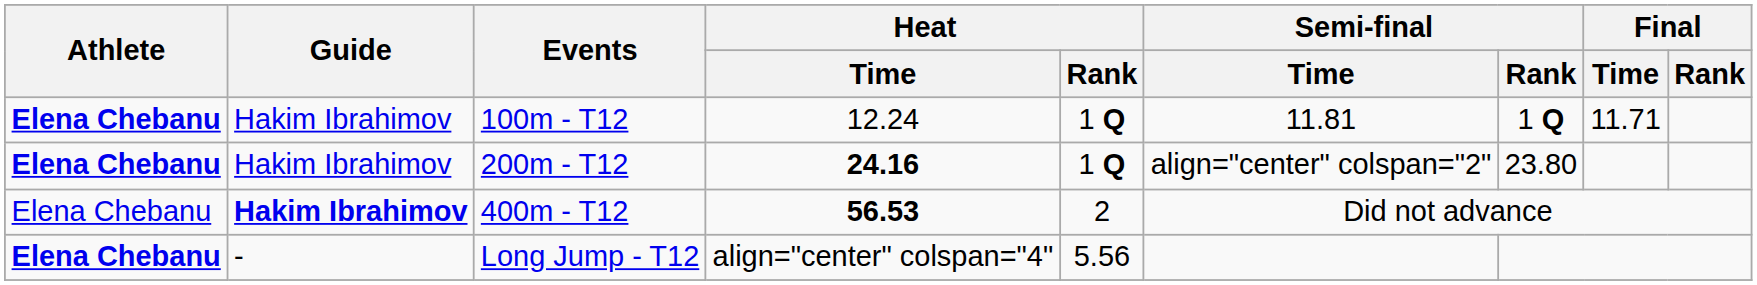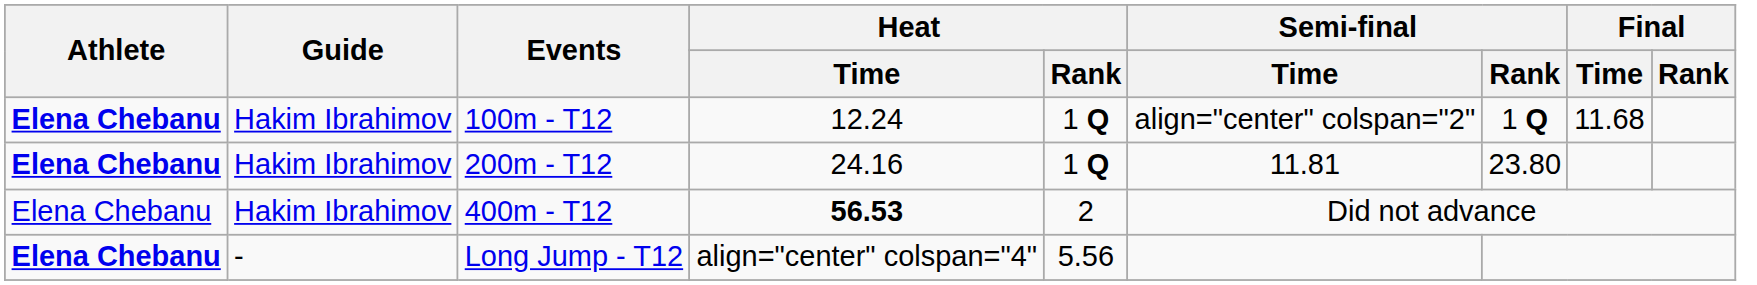 <table class=wikitable>
 <tr>
 <th rowspan="2">Athlete</th>
 <th rowspan="2">Guide</th>
 <th rowspan="2">Events</th>
 <th colspan="2">Heat</th>
 <th colspan="2">Semi-final</th>
 <th colspan="2">Final</th>
 </tr>
 <tr>
 <th>Time</th>
 <th>Rank</th>
 <th>Time</th>
 <th>Rank</th>
 <th>Time</th>
 <th>Rank</th>
 </tr>
 <tr>
 <td align=left><strong><a href='#'>Elena Chebanu</a></strong></td>
 <td align=left><a href='#'>Hakim Ibrahimov</a></td>
 <td align=left><a href='#'>100m - T12</a></td>
 <td align="center">12.24</td>
 <td align="center">1 <strong>Q</strong></td>
-<td align="center">11.81</td>
+<td>align="center" colspan="2" </td>
 <td align="center">1 <strong>Q</strong></td>
-<td align="center">11.71</td>
+<td align="center">11.68</td>
 <td align="center"></td>
 </tr>
 <tr>
 <td align=left><strong><a href='#'>Elena Chebanu</a></strong></td>
 <td align=left><a href='#'>Hakim Ibrahimov</a></td>
 <td align=left><a href='#'>200m - T12</a></td>
-<td align="center"><strong>24.16</strong></td>
+<td align="center">24.16</td>
 <td align="center">1 <strong>Q</strong></td>
-<td>align="center" colspan="2" </td>
+<td align="center">11.81</td>
 <td align="center">23.80</td>
 <td align="center"></td>
 </tr>
 <tr>
 <td align=left><a href='#'>Elena Chebanu</a></td>
-<td align=left><strong><a href='#'>Hakim Ibrahimov</a></strong></td>
+<td align=left><a href='#'>Hakim Ibrahimov</a></td>
 <td align=left><a href='#'>400m - T12</a></td>
 <td align="center"><strong>56.53</strong></td>
 <td align="center">2</td>
 <td align="center" colspan=4>Did not advance</td>
 </tr>
 <tr>
 <td align=left><strong><a href='#'>Elena Chebanu</a></strong></td>
 <td align=left>-</td>
 <td align=left><a href='#'>Long Jump - T12</a></td>
 <td>align="center" colspan="4" </td>
 <td align="center">5.56</td>
 <td align="center"></td>
 </tr>
 </table>
